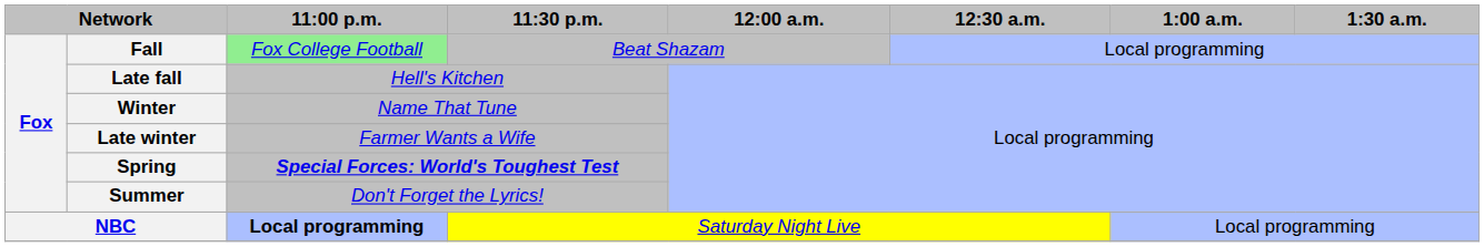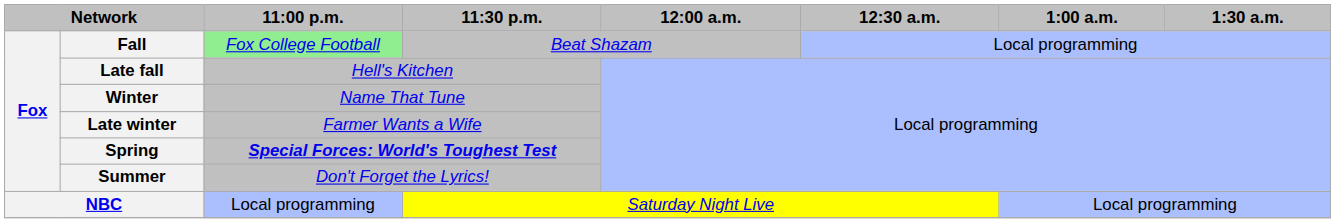 <table class="wikitable" style="width:100%;margin-right:0;text-align:center">
 <tr>
 <th colspan="2" style="background-color:#C0C0C0;text-align:center">Network</th>
 <th style="background-color:#C0C0C0;text-align:center;width:15%">11:00 p.m.</th>
 <th style="background-color:#C0C0C0;text-align:center;width:15%">11:30 p.m.</th>
 <th style="background-color:#C0C0C0;text-align:center;width:15%">12:00 a.m.</th>
 <th style="background-color:#C0C0C0;text-align:center;width:15%">12:30 a.m.</th>
 <th style="background-color:#C0C0C0;text-align:center;width:12.5%">1:00 a.m.</th>
 <th style="background-color:#C0C0C0;text-align:center;width:12.5%">1:30 a.m.</th>
 </tr>
 <tr>
 <th rowspan="6"><a href='#'>Fox</a></th>
 <th>Fall</th>
 <td style="background:lightgreen"><em><a href='#'>Fox College Football</a></em> </td>
 <td colspan="2" style="background:#C0C0C0"><em><a href='#'>Beat Shazam</a></em> </td>
 <td colspan="3" style="background:#abbfff">Local programming</td>
 </tr>
 <tr>
 <th>Late fall</th>
 <td colspan="2" style="background:#C0C0C0"><em><a href='#'>Hell's Kitchen</a></em> </td>
 <td colspan="4" rowspan="5" style="background:#abbfff">Local programming</td>
 </tr>
 <tr>
 <th>Winter</th>
 <td colspan="2" style="background:#C0C0C0"><em><a href='#'>Name That Tune</a></em> </td>
 </tr>
 <tr>
 <th>Late winter</th>
 <td colspan="2" style="background:#C0C0C0"><em><a href='#'>Farmer Wants a Wife</a></em> </td>
 </tr>
 <tr>
 <th>Spring</th>
 <td colspan="2" style="background:#C0C0C0"><strong><em><a href='#'>Special Forces: World's Toughest Test</a></em></strong> </td>
 </tr>
 <tr>
 <th>Summer</th>
 <td colspan="2" style="background:#C0C0C0"><em><a href='#'>Don't Forget the Lyrics!</a></em> </td>
 </tr>
 <tr>
 <th colspan="2"><a href='#'>NBC</a></th>
-<td style="background:#abbfff"><strong>Local programming</strong></td>
+<td style="background:#abbfff">Local programming</td>
 <td colspan="3" style="background:yellow"><em><a href='#'>Saturday Night Live</a></em></td>
 <td colspan="2" style="background:#abbfff">Local programming </td>
 </tr>
 <tr>
 </tr>
 </table>
